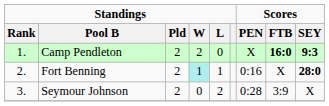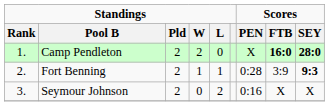 <table class="wikitable">
 <tr>
 <td colspan=6 align=center><strong>Standings</strong></td>
 <td colspan=4 align=center><strong>Scores</strong></td>
 </tr>
 <tr>
 <th bgcolor="#efefef">Rank</th>
 <th bgcolor="#efefef" width="160">Pool B</th>
 <th bgcolor="#efefef" width="20">Pld</th>
 <th bgcolor="#efefef" width="20">W</th>
 <th bgcolor="#efefef" width="20">L</th>
 <th bgcolor="#efefef"></th>
 <th bgcolor="#efefef" width="20">PEN</th>
 <th bgcolor="#efefef" width="20">FTB</th>
 <th bgcolor="#efefef" width="20">SEY</th>
 </tr>
 <tr align=center bgcolor=#ccffcc>
 <td>1.</td>
 <td align=left>Camp Pendleton</td>
 <td>2</td>
 <td>2</td>
 <td>0</td>
 <td></td>
 <td>X</td>
 <td><strong>16:0</strong></td>
-<td><strong>9:3</strong></td>
+<td><strong>28:0</strong></td>
 </tr>
 <tr align=center>
 <td>2.</td>
 <td align=left>Fort Benning</td>
 <td>2</td>
-<td style="background: paleturquoise;">1</td>
+<td>1</td>
 <td>1</td>
 <td></td>
-<td>0:16</td>
-<td>X</td>
-<td><strong>28:0</strong></td>
+<td>0:28</td>
+<td>3:9</td>
+<td><strong>9:3</strong></td>
 </tr>
 <tr align=center>
 <td>3.</td>
 <td align=left>Seymour Johnson</td>
 <td>2</td>
 <td>0</td>
 <td>2</td>
 <td></td>
-<td>0:28</td>
-<td>3:9</td>
+<td>0:16</td>
+<td>X</td>
 <td>X</td>
 </tr>
 <tr align=center>
 </tr>
 </table>
